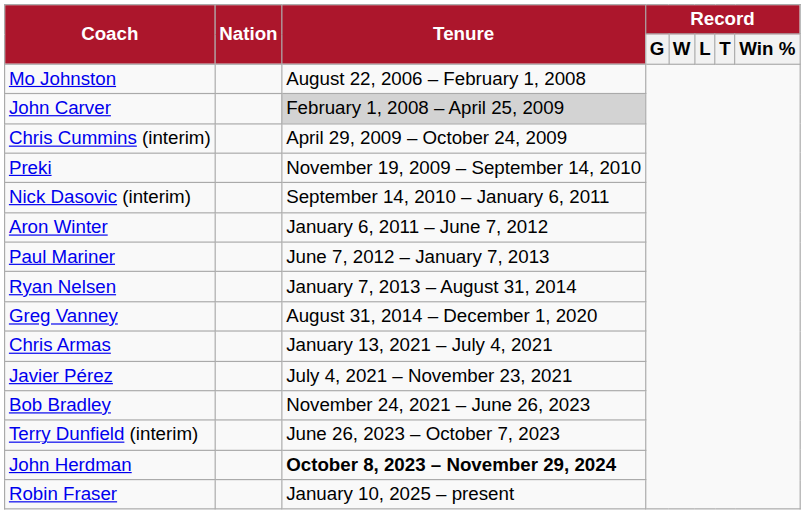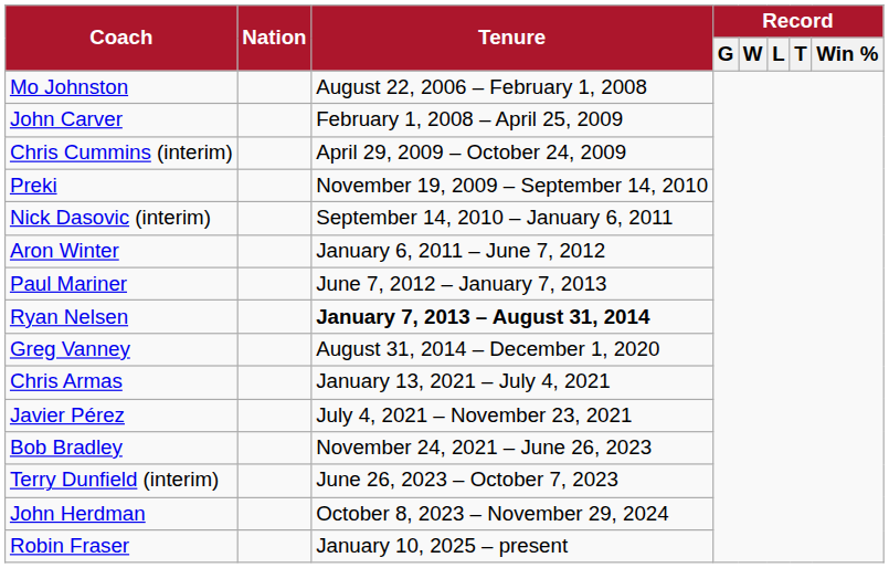 <table class="wikitable" style="text-align:left">
 <tr>
 <th style="background:#AC162C; color:white;" scope="col" rowspan="2">Coach</th>
 <th style="background:#AC162C; color:white;" scope="col" rowspan="2">Nation</th>
 <th style="background:#AC162C; color:white;" scope="col" rowspan="2">Tenure</th>
 <th style="background:#AC162C; color:white;" scope="col" colspan="6">Record</th>
 </tr>
 <tr>
 <th>G</th>
 <th>W</th>
 <th>L</th>
 <th>T</th>
 <th>Win %</th>
 </tr>
 <tr>
 <td><a href='#'>Mo Johnston</a></td>
 <td></td>
 <td>August 22, 2006 – February 1, 2008<br></td>
 </tr>
 <tr>
 <td><a href='#'>John Carver</a></td>
 <td></td>
-<td style="background: lightgrey;">February 1, 2008 – April 25, 2009<br></td>
+<td>February 1, 2008 – April 25, 2009<br></td>
 </tr>
 <tr>
 <td><a href='#'>Chris Cummins</a> (interim)</td>
 <td></td>
 <td>April 29, 2009 – October 24, 2009<br></td>
 </tr>
 <tr>
 <td><a href='#'>Preki</a></td>
 <td></td>
 <td>November 19, 2009 – September 14, 2010<br></td>
 </tr>
 <tr>
 <td><a href='#'>Nick Dasovic</a> (interim)</td>
 <td></td>
 <td>September 14, 2010 – January 6, 2011<br></td>
 </tr>
 <tr>
 <td><a href='#'>Aron Winter</a></td>
 <td></td>
 <td>January 6, 2011 – June 7, 2012<br></td>
 </tr>
 <tr>
 <td><a href='#'>Paul Mariner</a></td>
 <td></td>
 <td>June 7, 2012 – January 7, 2013<br></td>
 </tr>
 <tr>
 <td><a href='#'>Ryan Nelsen</a></td>
 <td></td>
-<td>January 7, 2013 – August 31, 2014<br></td>
+<td><strong>January 7, 2013 – August 31, 2014<br></strong></td>
 </tr>
 <tr>
 <td><a href='#'>Greg Vanney</a></td>
 <td></td>
 <td>August 31, 2014 – December 1, 2020<br></td>
 </tr>
 <tr>
 <td><a href='#'>Chris Armas</a></td>
 <td></td>
 <td>January 13, 2021 – July 4, 2021<br></td>
 </tr>
 <tr>
 <td><a href='#'>Javier Pérez</a></td>
 <td></td>
 <td>July 4, 2021 – November 23, 2021<br></td>
 </tr>
 <tr>
 <td><a href='#'>Bob Bradley</a></td>
 <td></td>
 <td>November 24, 2021 – June 26, 2023<br></td>
 </tr>
 <tr>
 <td><a href='#'>Terry Dunfield</a> (interim)</td>
 <td></td>
 <td>June 26, 2023 – October 7, 2023<br></td>
 </tr>
 <tr>
 <td><a href='#'>John Herdman</a></td>
 <td></td>
-<td><strong>October 8, 2023 – November 29, 2024<br></strong></td>
+<td>October 8, 2023 – November 29, 2024<br></td>
 </tr>
 <tr>
 <td><a href='#'>Robin Fraser</a></td>
 <td></td>
 <td>January 10, 2025 – present<br></td>
 </tr>
 </table>
